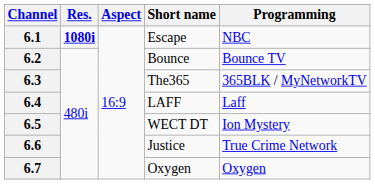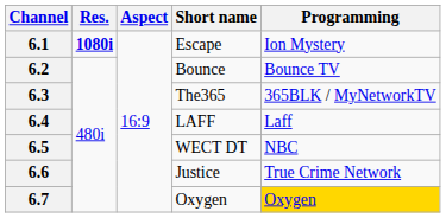 <table class="wikitable">
 <tr>
 <th scope="col"><a href='#'>Channel</a></th>
 <th scope="col"><a href='#'>Res.</a></th>
 <th scope="col"><a href='#'>Aspect</a></th>
 <th scope="col">Short name</th>
 <th scope="col">Programming</th>
 </tr>
 <tr>
 <th scope="row">6.1</th>
 <td><strong><a href='#'>1080i</a></strong></td>
 <td rowspan="7"><a href='#'>16:9</a></td>
 <td>Escape</td>
-<td><a href='#'>NBC</a></td>
+<td><a href='#'>Ion Mystery</a></td>
 </tr>
 <tr>
 <th scope="row">6.2</th>
 <td rowspan="6"><a href='#'>480i</a></td>
 <td>Bounce</td>
 <td><a href='#'>Bounce TV</a></td>
 </tr>
 <tr>
 <th scope="row">6.3</th>
 <td>The365</td>
 <td><a href='#'>365BLK</a> / <a href='#'>MyNetworkTV</a></td>
 </tr>
 <tr>
 <th scope="row">6.4</th>
 <td>LAFF</td>
 <td><a href='#'>Laff</a></td>
 </tr>
 <tr>
 <th scope="row">6.5</th>
 <td>WECT DT</td>
-<td><a href='#'>Ion Mystery</a></td>
+<td><a href='#'>NBC</a></td>
 </tr>
 <tr>
 <th scope="row">6.6</th>
 <td>Justice</td>
 <td><a href='#'>True Crime Network</a></td>
 </tr>
 <tr>
 <th scope="row">6.7</th>
 <td>Oxygen</td>
-<td><a href='#'>Oxygen</a></td>
+<td style="background: gold;"><a href='#'>Oxygen</a></td>
 </tr>
 </table>
